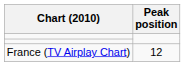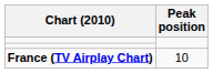 <table class="wikitable sortable">
 <tr>
 <th align="left">Chart (2010)</th>
 <th align="left">Peak<br>position</th>
 </tr>
 <tr>
 <td></td>
 </tr>
 <tr>
 <td></td>
 </tr>
 <tr>
-<td align="left">France (<a href='#'>TV Airplay Chart</a>)</td>
-<td align="center">12</td>
+<td align="left"><strong>France (<a href='#'>TV Airplay Chart</a>)</strong></td>
+<td align="center">10</td>
 </tr>
 </table>
